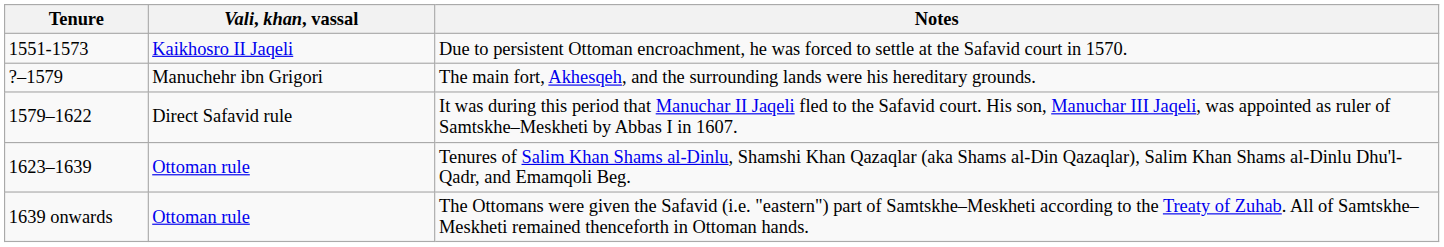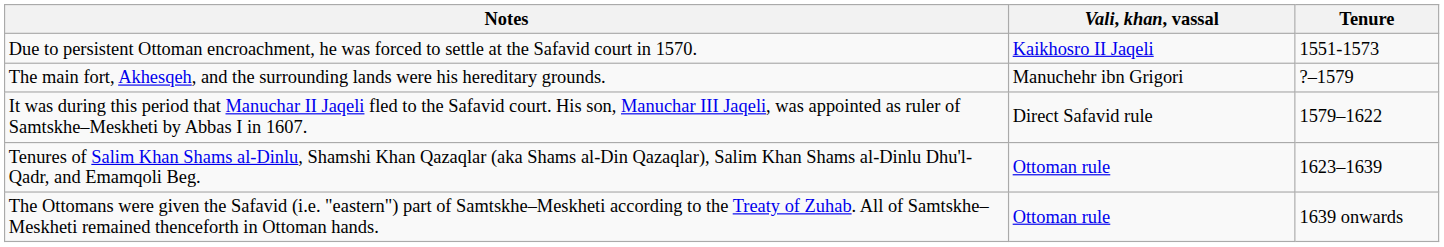 <table class="wikitable">
 <tr>
+<th>Notes</th>
+<th width="20%"><em>Vali</em>, <em>khan</em>, vassal</th>
 <th width="10%">Tenure</th>
-<th width="20%"><em>Vali</em>, <em>khan</em>, vassal</th>
-<th>Notes</th>
 </tr>
 <tr>
+<td>Due to persistent Ottoman encroachment, he was forced to settle at the Safavid court in 1570.</td>
+<td><a href='#'>Kaikhosro II Jaqeli</a></td>
 <td>1551-1573</td>
-<td><a href='#'>Kaikhosro II Jaqeli</a></td>
-<td>Due to persistent Ottoman encroachment, he was forced to settle at the Safavid court in 1570.</td>
 </tr>
 <tr>
+<td>The main fort, <a href='#'>Akhesqeh</a>, and the surrounding lands were his hereditary grounds.</td>
+<td>Manuchehr ibn Grigori</td>
 <td>?–1579</td>
-<td>Manuchehr ibn Grigori</td>
-<td>The main fort, <a href='#'>Akhesqeh</a>, and the surrounding lands were his hereditary grounds.</td>
 </tr>
 <tr>
+<td>It was during this period that <a href='#'>Manuchar II Jaqeli</a> fled to the Safavid court. His son, <a href='#'>Manuchar III Jaqeli</a>, was appointed as ruler of Samtskhe–Meskheti by Abbas I in 1607.</td>
+<td>Direct Safavid rule</td>
 <td>1579–1622</td>
-<td>Direct Safavid rule</td>
-<td>It was during this period that <a href='#'>Manuchar II Jaqeli</a> fled to the Safavid court. His son, <a href='#'>Manuchar III Jaqeli</a>, was appointed as ruler of Samtskhe–Meskheti by Abbas I in 1607.</td>
 </tr>
 <tr>
+<td>Tenures of <a href='#'>Salim Khan Shams al-Dinlu</a>, Shamshi Khan Qazaqlar (aka Shams al-Din Qazaqlar), Salim Khan Shams al-Dinlu Dhu'l-Qadr, and Emamqoli Beg.</td>
+<td><a href='#'>Ottoman rule</a></td>
 <td>1623–1639</td>
-<td><a href='#'>Ottoman rule</a></td>
-<td>Tenures of <a href='#'>Salim Khan Shams al-Dinlu</a>, Shamshi Khan Qazaqlar (aka Shams al-Din Qazaqlar), Salim Khan Shams al-Dinlu Dhu'l-Qadr, and Emamqoli Beg.</td>
 </tr>
 <tr>
+<td>The Ottomans were given the Safavid (i.e. "eastern") part of Samtskhe–Meskheti according to the <a href='#'>Treaty of Zuhab</a>. All of Samtskhe–Meskheti remained thenceforth in Ottoman hands.</td>
+<td><a href='#'>Ottoman rule</a></td>
 <td>1639 onwards</td>
-<td><a href='#'>Ottoman rule</a></td>
-<td>The Ottomans were given the Safavid (i.e. "eastern") part of Samtskhe–Meskheti according to the <a href='#'>Treaty of Zuhab</a>. All of Samtskhe–Meskheti remained thenceforth in Ottoman hands.</td>
 </tr>
 </table>
